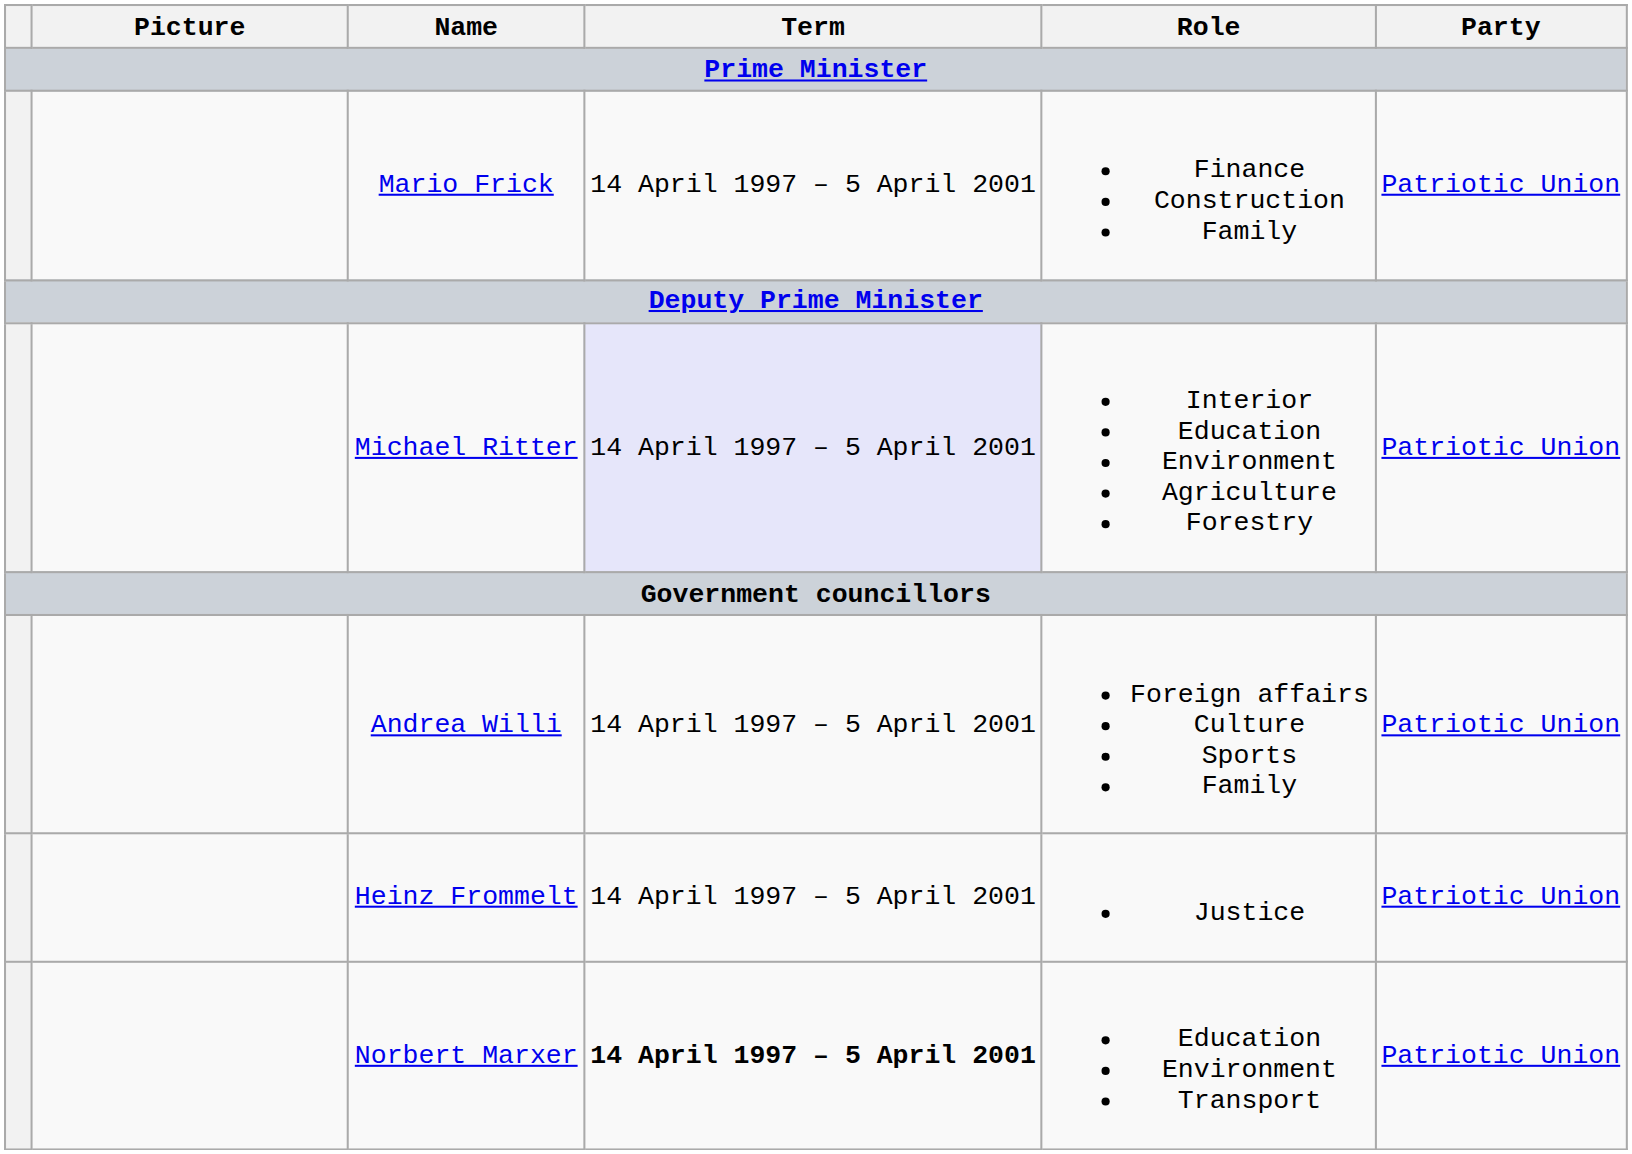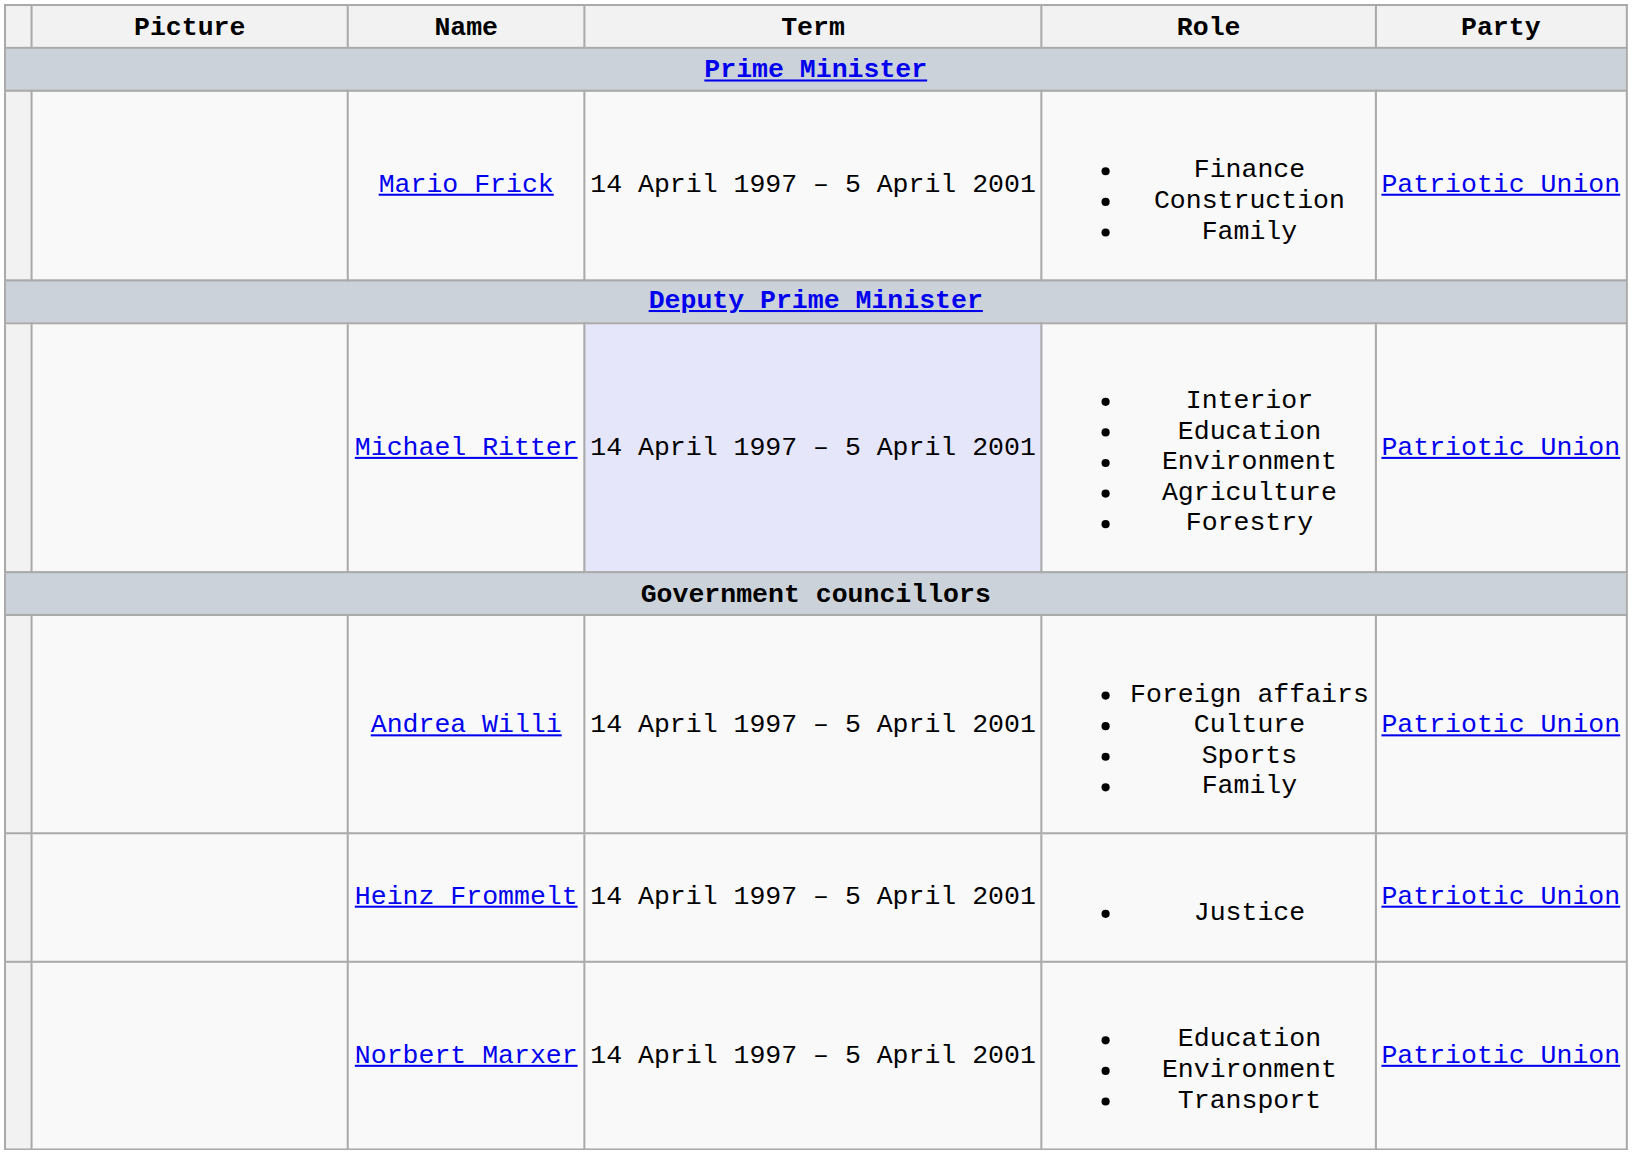 <table class="wikitable" style="text-align:center">
 <tr>
 <th style="width: 0.5em"></th>
 <th style="width: 11.5em">Picture</th>
 <th>Name</th>
 <th>Term</th>
 <th>Role</th>
 <th>Party</th>
 </tr>
 <tr>
 <th colspan="7" style="background:#CCD2D9"><a href='#'>Prime Minister</a></th>
 </tr>
 <tr>
 <th style="background:"></th>
 <td></td>
 <td><a href='#'>Mario Frick</a></td>
 <td style="text-align:left">14 April 1997 – 5 April 2001</td>
 <td><br><ul><li>Finance</li><li>Construction</li><li>Family</li></ul></td>
 <td><a href='#'>Patriotic Union</a></td>
 </tr>
 <tr>
 <th colspan="7" style="background:#CCD2D9"><a href='#'>Deputy Prime Minister</a></th>
 </tr>
 <tr>
 <th style="background:"></th>
 <td></td>
 <td><a href='#'>Michael Ritter</a></td>
 <td style="background: lavender; text-align:left">14 April 1997 – 5 April 2001</td>
 <td><br><ul><li>Interior</li><li>Education</li><li>Environment</li><li>Agriculture</li><li>Forestry</li></ul></td>
 <td><a href='#'>Patriotic Union</a></td>
 </tr>
 <tr>
 <th colspan="7" style="background:#CCD2D9">Government councillors</th>
 </tr>
 <tr>
 <th style="background:"></th>
 <td></td>
 <td><a href='#'>Andrea Willi</a></td>
 <td style="text-align:left">14 April 1997 – 5 April 2001</td>
 <td><br><ul><li>Foreign affairs</li><li>Culture</li><li>Sports</li><li>Family</li></ul></td>
 <td><a href='#'>Patriotic Union</a></td>
 </tr>
 <tr>
 <th style="background:"></th>
 <td></td>
 <td><a href='#'>Heinz Frommelt</a></td>
 <td>14 April 1997 – 5 April 2001</td>
 <td><br><ul><li>Justice</li></ul></td>
 <td><a href='#'>Patriotic Union</a></td>
 </tr>
 <tr>
 <th style="background:"></th>
 <td></td>
 <td><a href='#'>Norbert Marxer</a></td>
-<td><strong>14 April 1997 – 5 April 2001</strong></td>
+<td>14 April 1997 – 5 April 2001</td>
 <td><br><ul><li>Education</li><li>Environment</li><li>Transport</li></ul></td>
 <td><a href='#'>Patriotic Union</a></td>
 </tr>
 </table>
